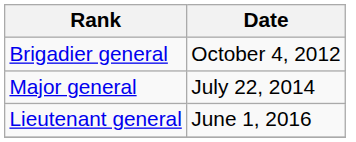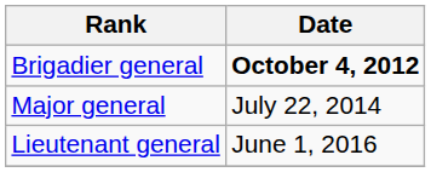 <table class="wikitable">
 <tr>
 <th>Rank</th>
 <th>Date</th>
 </tr>
 <tr>
 <td> <a href='#'>Brigadier general</a></td>
-<td>October 4, 2012</td>
+<td><strong>October 4, 2012</strong></td>
 </tr>
 <tr>
 <td> <a href='#'>Major general</a></td>
 <td>July 22, 2014</td>
 </tr>
 <tr>
 <td> <a href='#'>Lieutenant general</a></td>
 <td>June 1, 2016</td>
 </tr>
 <tr>
 </tr>
 </table>
